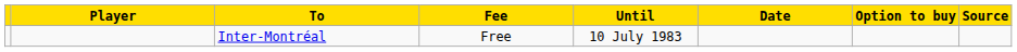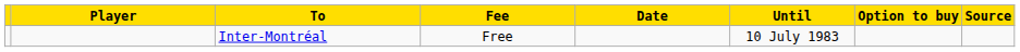 <table class="wikitable sortable">
 <tr>
 <th style="background:#FFDE00"></th>
 <th width=200 style="background:#FFDE00">Player</th>
 <th width=200 style="background:#FFDE00">To</th>
 <th width=150 style="background:#FFDE00">Fee</th>
+<th width=150 style="background:#FFDE00">Date</th>
 <th width=120 style="background:#FFDE00">Until</th>
-<th width=150 style="background:#FFDE00">Date</th>
 <th style="background:#FFDE00">Option to buy</th>
 <th style="background:#FFDE00">Source</th>
 </tr>
 <tr>
 <td align=center></td>
 <td></td>
 <td> <a href='#'>Inter-Montréal</a></td>
 <td align=center>Free</td>
+<td align=center></td>
 <td align=center>10 July 1983</td>
-<td align=center></td>
 <td align=center></td>
 <td align=center></td>
 </tr>
 </table>
